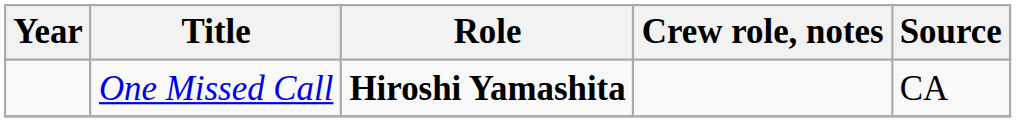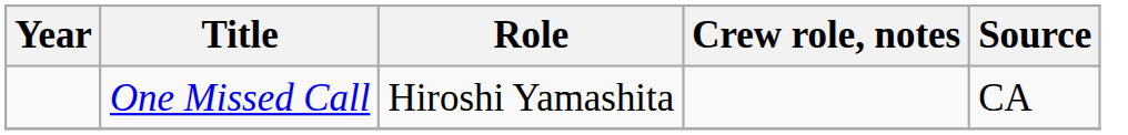 <table class="wikitable sortable plainrowheaders">
 <tr>
 <th>Year</th>
 <th>Title</th>
 <th>Role</th>
 <th class="unsortable">Crew role, notes</th>
 <th class="unsortable">Source</th>
 </tr>
 <tr>
 <td></td>
 <td><em><a href='#'>One Missed Call</a></em></td>
-<td><strong>Hiroshi Yamashita</strong></td>
+<td>Hiroshi Yamashita</td>
 <td></td>
 <td>CA</td>
 </tr>
 <tr>
 </tr>
 </table>
